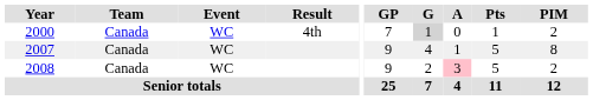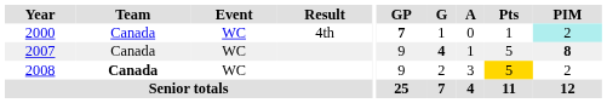 <table border="0" cellpadding="1" cellspacing="0" ID="Table3" style="text-align:center; width:40em">
 <tr ALIGN="center" bgcolor="#e0e0e0">
 <th>Year</th>
 <th>Team</th>
 <th>Event</th>
 <th>Result</th>
 <th rowspan="99" bgcolor="#ffffff"></th>
 <th>GP</th>
 <th>G</th>
 <th>A</th>
 <th>Pts</th>
 <th>PIM</th>
 </tr>
 <tr>
 <td><a href='#'>2000</a></td>
 <td><a href='#'>Canada</a></td>
 <td><a href='#'>WC</a></td>
 <td>4th</td>
-<td>7</td>
-<td style="background: lightgrey;">1</td>
+<td><strong>7</strong></td>
+<td>1</td>
 <td>0</td>
 <td>1</td>
-<td>2</td>
+<td style="background: paleturquoise;">2</td>
 </tr>
 <tr bgcolor="#f0f0f0">
 <td><a href='#'>2007</a></td>
 <td>Canada</td>
 <td>WC</td>
 <td></td>
 <td>9</td>
-<td>4</td>
+<td><strong>4</strong></td>
 <td>1</td>
 <td>5</td>
-<td>8</td>
+<td><strong>8</strong></td>
 </tr>
 <tr>
 <td><a href='#'>2008</a></td>
-<td>Canada</td>
+<td><strong>Canada</strong></td>
 <td>WC</td>
 <td></td>
 <td>9</td>
 <td>2</td>
-<td style="background: pink;">3</td>
-<td>5</td>
+<td>3</td>
+<td style="background: gold;">5</td>
 <td>2</td>
 </tr>
 <tr bgcolor="#e0e0e0">
 <th colspan=4>Senior totals</th>
 <th>25</th>
 <th>7</th>
 <th>4</th>
 <th>11</th>
 <th>12</th>
 </tr>
 </table>
